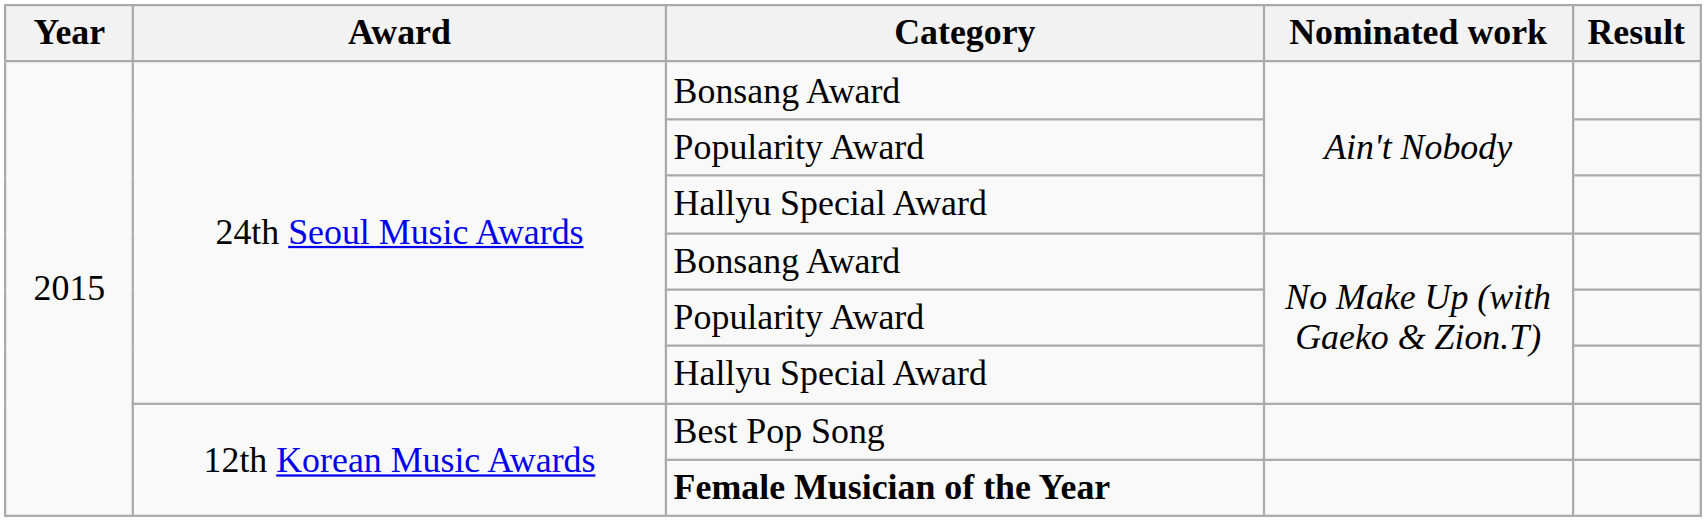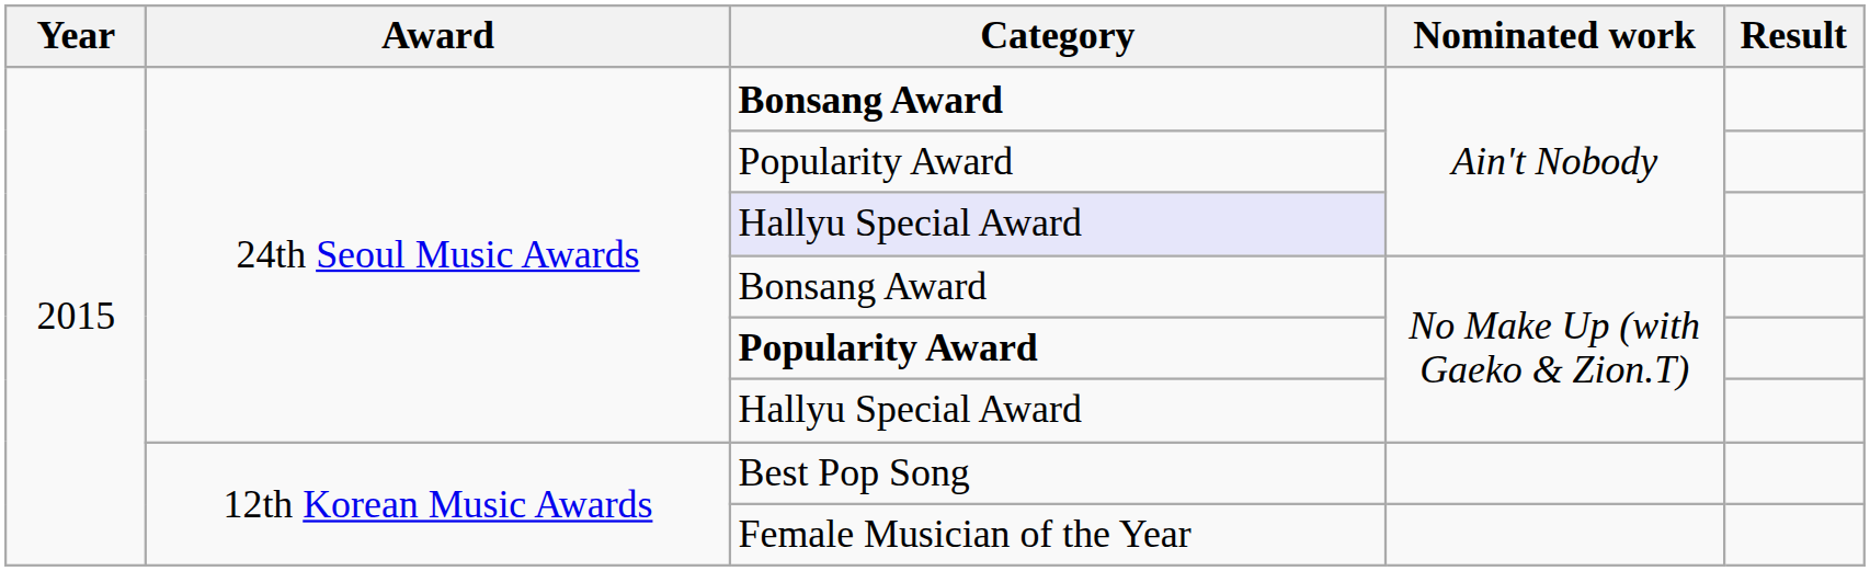 <table class="wikitable">
 <tr>
 <th style="width:50px;">Year</th>
 <th style="width:230px;">Award</th>
 <th style="width:260px;">Category</th>
 <th style="width:130px;">Nominated work</th>
 <th style="width:50px;">Result</th>
 </tr>
 <tr>
 <td rowspan="8" style="text-align:center;">2015</td>
 <td rowspan="6" style="text-align:center;">24th <a href='#'>Seoul Music Awards</a></td>
-<td>Bonsang Award</td>
+<td><strong>Bonsang Award</strong></td>
 <td rowspan="3" style="text-align:center;"><em>Ain't Nobody</em></td>
 <td></td>
 </tr>
 <tr>
 <td>Popularity Award</td>
 <td></td>
 </tr>
 <tr>
-<td>Hallyu Special Award</td>
+<td style="background: lavender;">Hallyu Special Award</td>
 <td></td>
 </tr>
 <tr>
 <td>Bonsang Award</td>
 <td rowspan="3" style="text-align:center;"><em>No Make Up (with Gaeko & Zion.T)</em></td>
 <td></td>
 </tr>
 <tr>
-<td>Popularity Award</td>
+<td><strong>Popularity Award</strong></td>
 <td></td>
 </tr>
 <tr>
 <td>Hallyu Special Award</td>
 <td></td>
 </tr>
 <tr>
 <td rowspan="2" style="text-align:center;">12th <a href='#'>Korean Music Awards</a></td>
 <td>Best Pop Song</td>
 <td></td>
 <td></td>
 </tr>
 <tr>
-<td><strong>Female Musician of the Year</strong></td>
+<td>Female Musician of the Year</td>
 <td></td>
 <td></td>
 </tr>
 </table>
